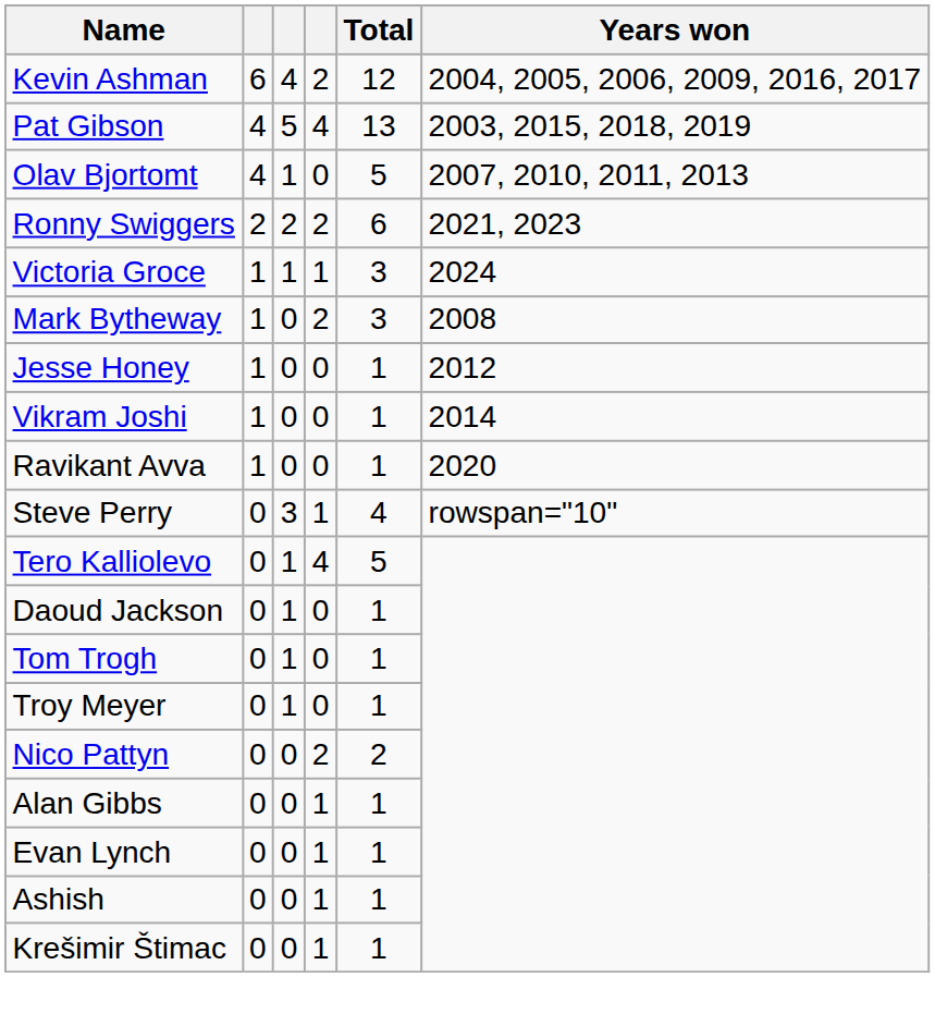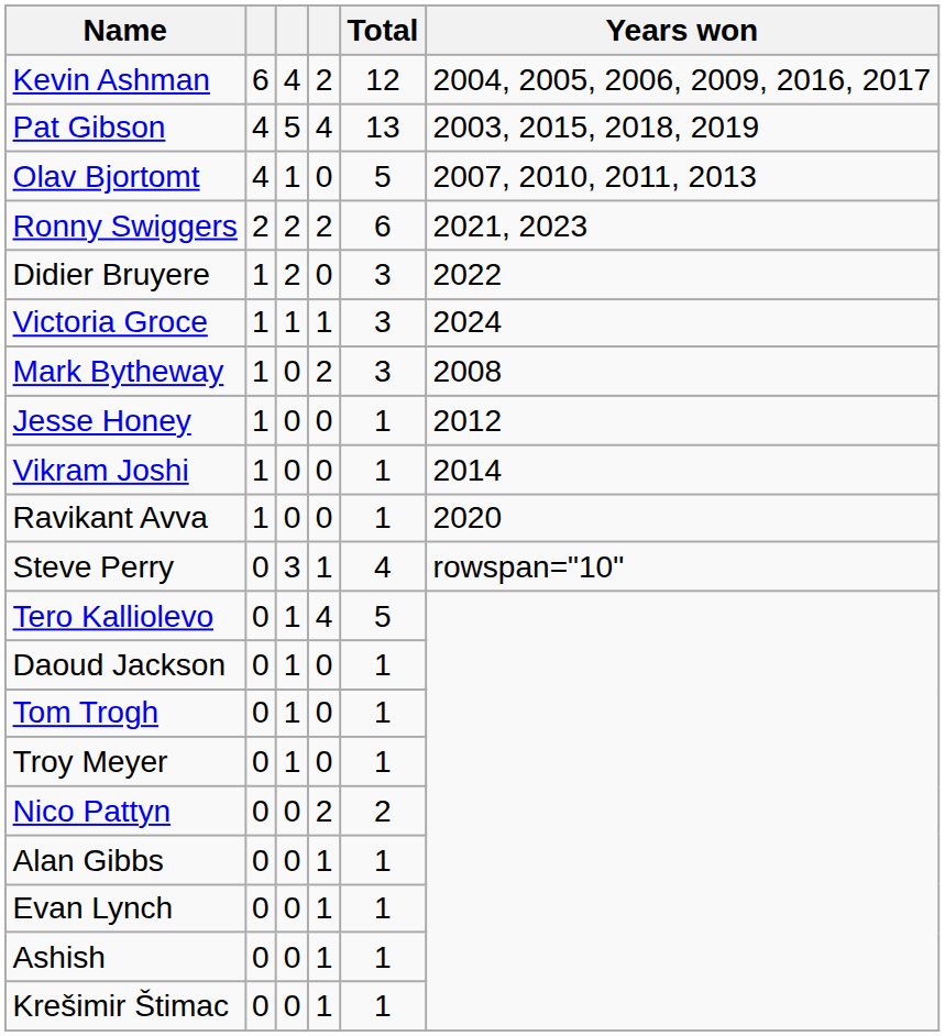 <table class="wikitable sortable" style="margin-top:0; font-size:90%;">
 <tr>
 <th>Name</th>
 <th></th>
 <th></th>
 <th></th>
 <th>Total</th>
 <th>Years won</th>
 </tr>
 <tr>
 <td> <a href='#'>Kevin Ashman</a></td>
 <td align="center">6</td>
 <td align="center">4</td>
 <td align="center">2</td>
 <td align="center">12</td>
 <td>2004, 2005, 2006, 2009, 2016, 2017</td>
 </tr>
 <tr>
 <td> <a href='#'>Pat Gibson</a></td>
 <td align="center">4</td>
 <td align="center">5</td>
 <td align="center">4</td>
 <td align="center">13</td>
 <td>2003, 2015, 2018, 2019</td>
 </tr>
 <tr>
 <td> <a href='#'>Olav Bjortomt</a></td>
 <td align="center">4</td>
 <td align="center">1</td>
 <td align="center">0</td>
 <td align="center">5</td>
 <td>2007, 2010, 2011, 2013</td>
 </tr>
 <tr>
 <td> <a href='#'>Ronny Swiggers</a></td>
 <td align="center">2</td>
 <td align="center">2</td>
 <td align="center">2</td>
 <td align="center">6</td>
 <td>2021, 2023</td>
+</tr>
+<tr>
+<td> Didier Bruyere</td>
+<td align="center">1</td>
+<td align="center">2</td>
+<td align="center">0</td>
+<td align="center">3</td>
+<td>2022</td>
 </tr>
 <tr>
 <td> <a href='#'>Victoria Groce</a></td>
 <td align="center">1</td>
 <td align="center">1</td>
 <td align="center">1</td>
 <td align="center">3</td>
 <td>2024</td>
 </tr>
 <tr>
 <td> <a href='#'>Mark Bytheway</a></td>
 <td align="center">1</td>
 <td align="center">0</td>
 <td align="center">2</td>
 <td align="center">3</td>
 <td>2008</td>
 </tr>
 <tr>
 <td> <a href='#'>Jesse Honey</a></td>
 <td align="center">1</td>
 <td align="center">0</td>
 <td align="center">0</td>
 <td align="center">1</td>
 <td>2012</td>
 </tr>
 <tr>
 <td> <a href='#'>Vikram Joshi</a></td>
 <td align="center">1</td>
 <td align="center">0</td>
 <td align="center">0</td>
 <td align="center">1</td>
 <td>2014</td>
 </tr>
 <tr>
 <td> Ravikant Avva</td>
 <td align="center">1</td>
 <td align="center">0</td>
 <td align="center">0</td>
 <td align="center">1</td>
 <td>2020</td>
 </tr>
 <tr>
 <td> Steve Perry</td>
 <td align="center">0</td>
 <td align="center">3</td>
 <td align="center">1</td>
 <td align="center">4</td>
 <td>rowspan="10" </td>
 </tr>
 <tr>
 <td> <a href='#'>Tero Kalliolevo</a></td>
 <td align="center">0</td>
 <td align="center">1</td>
 <td align="center">4</td>
 <td align="center">5</td>
 </tr>
 <tr>
 <td> Daoud Jackson</td>
 <td align="center">0</td>
 <td align="center">1</td>
 <td align="center">0</td>
 <td align="center">1</td>
 </tr>
 <tr>
 <td> <a href='#'>Tom Trogh</a></td>
 <td align="center">0</td>
 <td align="center">1</td>
 <td align="center">0</td>
 <td align="center">1</td>
 </tr>
 <tr>
 <td> Troy Meyer</td>
 <td align="center">0</td>
 <td align="center">1</td>
 <td align="center">0</td>
 <td align="center">1</td>
 </tr>
 <tr>
 <td> <a href='#'>Nico Pattyn</a></td>
 <td align="center">0</td>
 <td align="center">0</td>
 <td align="center">2</td>
 <td align="center">2</td>
 </tr>
 <tr>
 <td> Alan Gibbs</td>
 <td align="center">0</td>
 <td align="center">0</td>
 <td align="center">1</td>
 <td align="center">1</td>
 </tr>
 <tr>
 <td> Evan Lynch</td>
 <td align="center">0</td>
 <td align="center">0</td>
 <td align="center">1</td>
 <td align="center">1</td>
 </tr>
 <tr>
 <td> Ashish</td>
 <td align="center">0</td>
 <td align="center">0</td>
 <td align="center">1</td>
 <td align="center">1</td>
 </tr>
 <tr>
 <td> Krešimir Štimac</td>
 <td align="center">0</td>
 <td align="center">0</td>
 <td align="center">1</td>
 <td align="center">1</td>
 </tr>
 </table>
